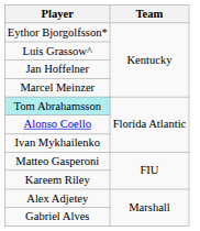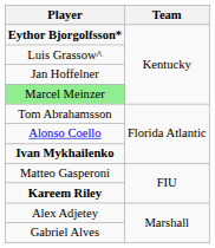 <table class="wikitable" style="text-align:center">
 <tr>
 <th>Player</th>
 <th>Team</th>
 </tr>
 <tr>
-<td>Eythor Bjorgolfsson*</td>
+<td><strong>Eythor Bjorgolfsson*</strong></td>
 <td rowspan=4>Kentucky</td>
 </tr>
 <tr>
 <td>Luis Grassow^</td>
 </tr>
 <tr>
 <td>Jan Hoffelner</td>
 </tr>
 <tr>
-<td>Marcel Meinzer</td>
+<td style="background: lightgreen;">Marcel Meinzer</td>
 </tr>
 <tr>
-<td style="background: paleturquoise;">Tom Abrahamsson</td>
+<td>Tom Abrahamsson</td>
 <td rowspan=3>Florida Atlantic</td>
 </tr>
 <tr>
 <td><a href='#'>Alonso Coello</a></td>
 </tr>
 <tr>
-<td>Ivan Mykhailenko</td>
+<td><strong>Ivan Mykhailenko</strong></td>
 </tr>
 <tr>
 <td>Matteo Gasperoni</td>
 <td rowspan=2>FIU</td>
 </tr>
 <tr>
-<td>Kareem Riley</td>
+<td><strong>Kareem Riley</strong></td>
 </tr>
 <tr>
 <td>Alex Adjetey</td>
 <td rowspan=2>Marshall</td>
 </tr>
 <tr>
 <td>Gabriel Alves</td>
 </tr>
 </table>
